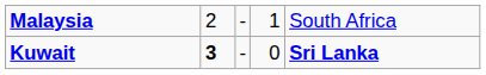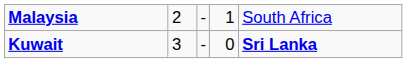 <table class="wikitable">
 <tr>
 <td width=150> <strong><a href='#'>Malaysia</a></strong></td>
 <td style="width:20px; text-align:left;">2</td>
 <td>-</td>
 <td style="width:20px; text-align:right;">1</td>
 <td width=150> <a href='#'>South Africa</a></td>
 </tr>
 <tr>
 <td> <strong><a href='#'>Kuwait</a></strong></td>
-<td style="text-align:left;"><strong>3</strong></td>
+<td style="text-align:left;">3</td>
 <td>-</td>
 <td style="text-align:right;">0</td>
 <td><strong> <a href='#'>Sri Lanka</a></strong></td>
 </tr>
 </table>
